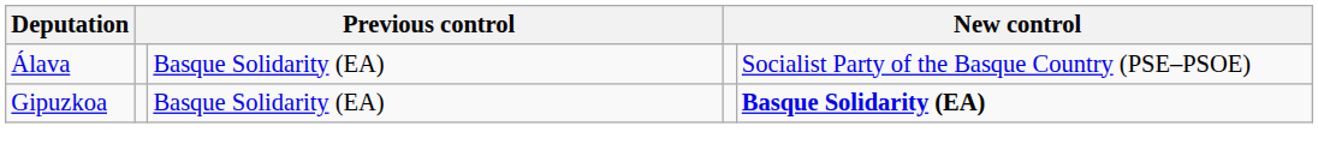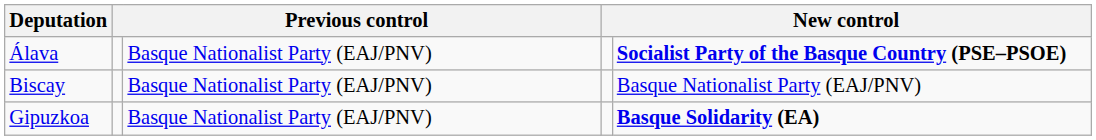 <table class="wikitable sortable">
 <tr>
 <th>Deputation</th>
 <th colspan="2" style="width:375px;">Previous control</th>
 <th colspan="2" style="width:375px;">New control</th>
 </tr>
 <tr>
 <td><a href='#'>Álava</a></td>
 <td width="1" style="color:inherit;background:"></td>
-<td><a href='#'>Basque Solidarity</a> (EA)</td>
+<td><a href='#'>Basque Nationalist Party</a> (EAJ/PNV)</td>
 <td width="1" style="color:inherit;background:"></td>
-<td><a href='#'>Socialist Party of the Basque Country</a> (PSE–PSOE)</td>
+<td><strong><a href='#'>Socialist Party of the Basque Country</a> (PSE–PSOE)</strong></td>
+</tr>
+<tr>
+<td><a href='#'>Biscay</a></td>
+<td style="color:inherit;background:"></td>
+<td><a href='#'>Basque Nationalist Party</a> (EAJ/PNV)</td>
+<td style="color:inherit;background:"></td>
+<td><a href='#'>Basque Nationalist Party</a> (EAJ/PNV)</td>
 </tr>
 <tr>
 <td><a href='#'>Gipuzkoa</a></td>
 <td style="color:inherit;background:"></td>
-<td><a href='#'>Basque Solidarity</a> (EA)</td>
+<td><a href='#'>Basque Nationalist Party</a> (EAJ/PNV)</td>
 <td style="color:inherit;background:"></td>
 <td><strong><a href='#'>Basque Solidarity</a> (EA)</strong></td>
 </tr>
 </table>
